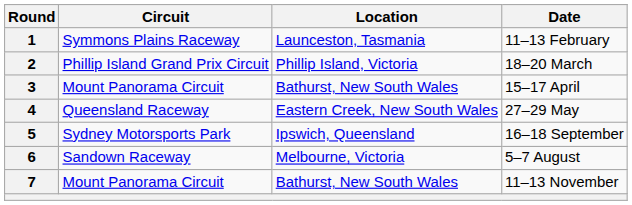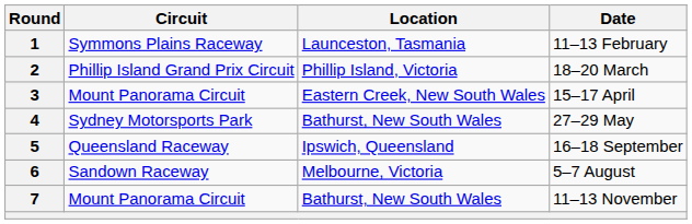 <table class="wikitable" style=font-size:85%;>
 <tr>
 <th>Round</th>
 <th>Circuit</th>
 <th>Location</th>
 <th>Date</th>
 </tr>
 <tr>
 <th>1</th>
 <td> <a href='#'>Symmons Plains Raceway</a></td>
 <td><a href='#'>Launceston, Tasmania</a></td>
 <td>11–13 February</td>
 </tr>
 <tr>
 <th>2</th>
 <td> <a href='#'>Phillip Island Grand Prix Circuit</a></td>
 <td><a href='#'>Phillip Island, Victoria</a></td>
 <td>18–20 March</td>
 </tr>
 <tr>
 <th>3</th>
 <td> <a href='#'>Mount Panorama Circuit</a></td>
-<td><a href='#'>Bathurst, New South Wales</a></td>
+<td><a href='#'>Eastern Creek, New South Wales</a></td>
 <td>15–17 April</td>
 </tr>
 <tr>
 <th>4</th>
-<td> <a href='#'>Queensland Raceway</a></td>
-<td><a href='#'>Eastern Creek, New South Wales</a></td>
+<td> <a href='#'>Sydney Motorsports Park</a></td>
+<td><a href='#'>Bathurst, New South Wales</a></td>
 <td>27–29 May</td>
 </tr>
 <tr>
 <th>5</th>
-<td> <a href='#'>Sydney Motorsports Park</a></td>
+<td> <a href='#'>Queensland Raceway</a></td>
 <td><a href='#'>Ipswich, Queensland</a></td>
 <td>16–18 September</td>
 </tr>
 <tr>
 <th>6</th>
 <td> <a href='#'>Sandown Raceway</a></td>
 <td><a href='#'>Melbourne, Victoria</a></td>
 <td>5–7 August</td>
 </tr>
 <tr>
 <th>7</th>
 <td> <a href='#'>Mount Panorama Circuit</a></td>
 <td><a href='#'>Bathurst, New South Wales</a></td>
 <td>11–13 November</td>
 </tr>
 <tr>
 <th colspan=4></th>
 </tr>
 </table>
